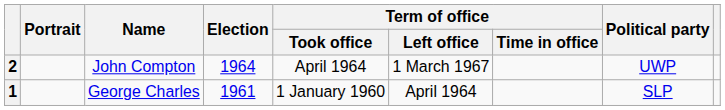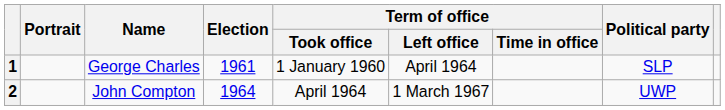 <table class=wikitable style=text-align:center>
 <tr>
 <th rowspan=2></th>
 <th rowspan=2>Portrait</th>
 <th rowspan=2>Name<br></th>
 <th rowspan="2">Election</th>
 <th colspan=3>Term of office</th>
 <th rowspan=2>Political party</th>
 <th rowspan=2></th>
 </tr>
 <tr>
 <th>Took office</th>
 <th>Left office</th>
 <th>Time in office</th>
 </tr>
 <tr>
+<th style="background:">1</th>
+<td></td>
+<td><a href='#'>George Charles</a><br></td>
+<td><a href='#'>1961</a></td>
+<td>1 January 1960</td>
+<td>April 1964</td>
+<td></td>
+<td><a href='#'>SLP</a></td>
+<td></td>
+</tr>
+<tr>
 <th style="background:">2</th>
 <td></td>
 <td><a href='#'>John Compton</a><br></td>
 <td><a href='#'>1964</a></td>
 <td>April 1964</td>
 <td>1 March 1967</td>
 <td></td>
 <td><a href='#'>UWP</a></td>
 <td></td>
 </tr>
-<tr>
-<th style="background:">1</th>
-<td></td>
-<td><a href='#'>George Charles</a><br></td>
-<td><a href='#'>1961</a></td>
-<td>1 January 1960</td>
-<td>April 1964</td>
-<td></td>
-<td><a href='#'>SLP</a></td>
-<td></td>
-</tr>
 </table>
